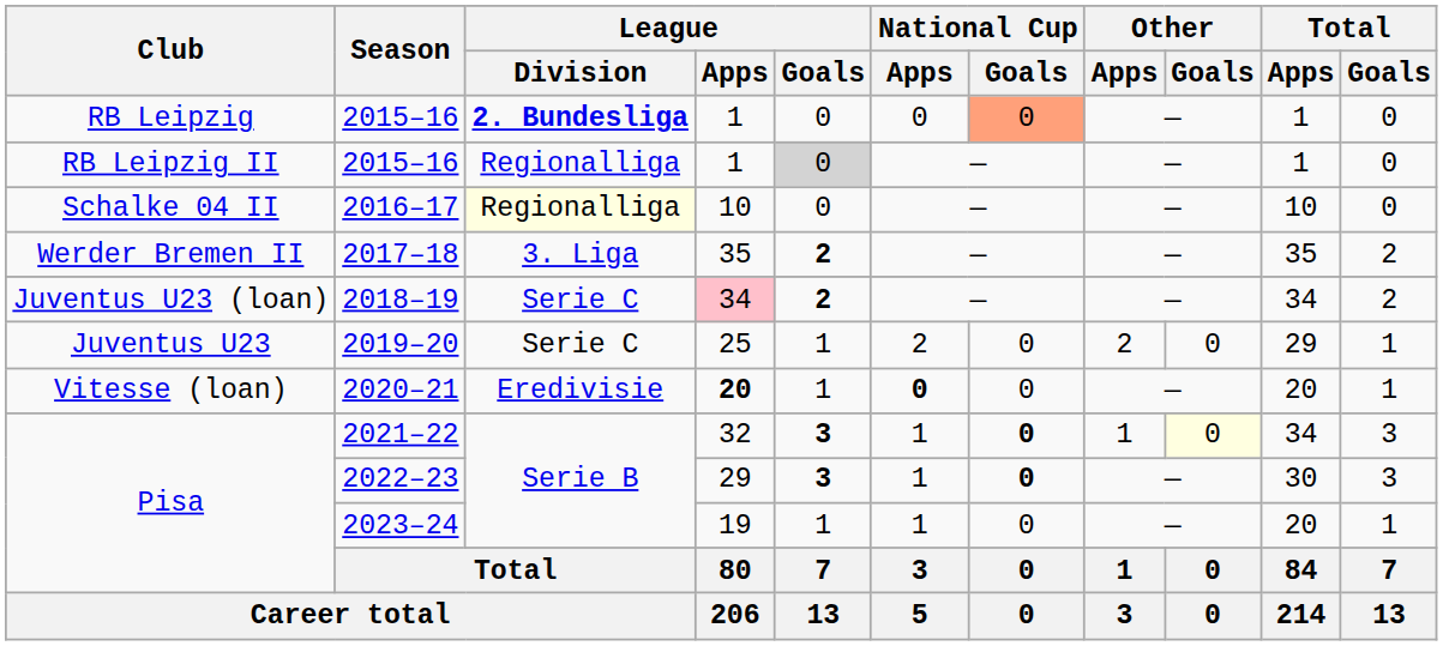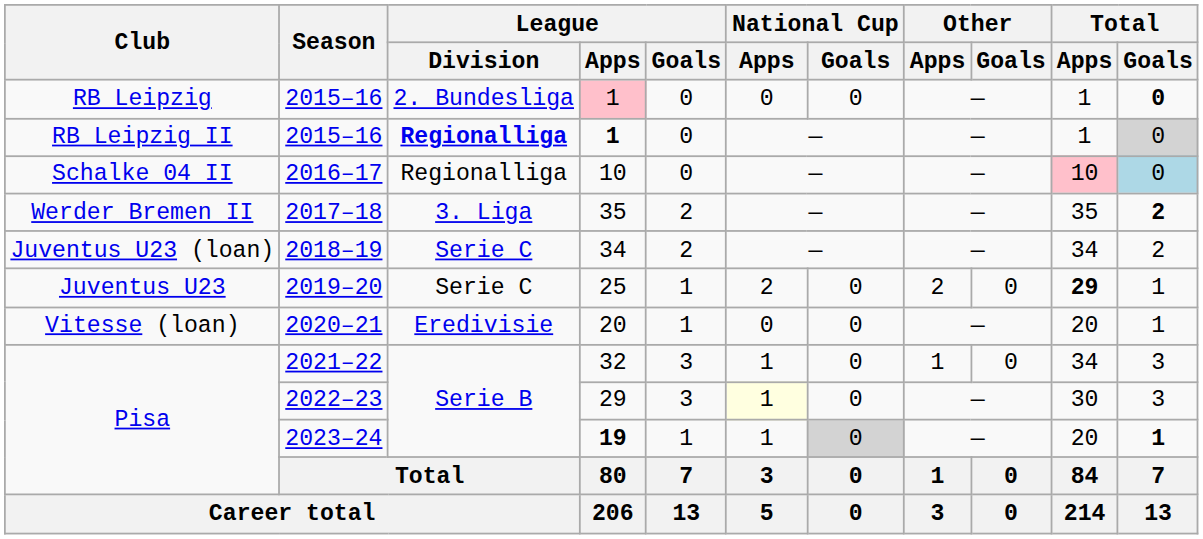 <table class="wikitable" style="text-align: center">
 <tr>
 <th rowspan="2">Club</th>
 <th rowspan="2">Season</th>
 <th colspan="3">League</th>
 <th colspan="2">National Cup</th>
 <th colspan="2">Other</th>
 <th colspan="2">Total</th>
 </tr>
 <tr>
 <th>Division</th>
 <th>Apps</th>
 <th>Goals</th>
 <th>Apps</th>
 <th>Goals</th>
 <th>Apps</th>
 <th>Goals</th>
 <th>Apps</th>
 <th>Goals</th>
 </tr>
 <tr>
 <td><a href='#'>RB Leipzig</a></td>
 <td><a href='#'>2015–16</a></td>
-<td><strong><a href='#'>2. Bundesliga</a></strong></td>
-<td>1</td>
+<td><a href='#'>2. Bundesliga</a></td>
+<td style="background: pink;">1</td>
 <td>0</td>
 <td>0</td>
-<td style="background: lightsalmon;">0</td>
+<td>0</td>
 <td colspan="2">—</td>
 <td>1</td>
-<td>0</td>
+<td><strong>0</strong></td>
 </tr>
 <tr>
 <td><a href='#'>RB Leipzig II</a></td>
 <td><a href='#'>2015–16</a></td>
-<td><a href='#'>Regionalliga</a></td>
-<td>1</td>
-<td style="background: lightgrey;">0</td>
+<td><strong><a href='#'>Regionalliga</a></strong></td>
+<td><strong>1</strong></td>
+<td>0</td>
 <td colspan="2">—</td>
 <td colspan="2">—</td>
 <td>1</td>
-<td>0</td>
+<td style="background: lightgrey;">0</td>
 </tr>
 <tr>
 <td><a href='#'>Schalke 04 II</a></td>
 <td><a href='#'>2016–17</a></td>
-<td style="background: lightyellow;">Regionalliga</td>
+<td>Regionalliga</td>
 <td>10</td>
 <td>0</td>
 <td colspan="2">—</td>
 <td colspan="2">—</td>
-<td>10</td>
-<td>0</td>
+<td style="background: pink;">10</td>
+<td style="background: lightblue;">0</td>
 </tr>
 <tr>
 <td><a href='#'>Werder Bremen II</a></td>
 <td><a href='#'>2017–18</a></td>
 <td><a href='#'>3. Liga</a></td>
 <td>35</td>
-<td><strong>2</strong></td>
+<td>2</td>
 <td colspan="2">—</td>
 <td colspan="2">—</td>
 <td>35</td>
-<td>2</td>
+<td><strong>2</strong></td>
 </tr>
 <tr>
 <td><a href='#'>Juventus U23</a> (loan)</td>
 <td><a href='#'>2018–19</a></td>
 <td><a href='#'>Serie C</a></td>
-<td style="background: pink;">34</td>
-<td><strong>2</strong></td>
+<td>34</td>
+<td>2</td>
 <td colspan="2">—</td>
 <td colspan="2">—</td>
 <td>34</td>
 <td>2</td>
 </tr>
 <tr>
 <td><a href='#'>Juventus U23</a></td>
 <td><a href='#'>2019–20</a></td>
 <td>Serie C</td>
 <td>25</td>
 <td>1</td>
 <td>2</td>
 <td>0</td>
 <td>2</td>
 <td>0</td>
-<td>29</td>
+<td><strong>29</strong></td>
 <td>1</td>
 </tr>
 <tr>
 <td><a href='#'>Vitesse</a> (loan)</td>
 <td><a href='#'>2020–21</a></td>
 <td><a href='#'>Eredivisie</a></td>
-<td><strong>20</strong></td>
+<td>20</td>
 <td>1</td>
-<td><strong>0</strong></td>
+<td>0</td>
 <td>0</td>
 <td colspan="2">—</td>
 <td>20</td>
 <td>1</td>
 </tr>
 <tr>
 <td rowspan="4"><a href='#'>Pisa</a></td>
 <td><a href='#'>2021–22</a></td>
 <td rowspan="3"><a href='#'>Serie B</a></td>
 <td>32</td>
-<td><strong>3</strong></td>
+<td>3</td>
 <td>1</td>
-<td><strong>0</strong></td>
+<td>0</td>
 <td>1</td>
-<td style="background: lightyellow;">0</td>
+<td>0</td>
 <td>34</td>
 <td>3</td>
 </tr>
 <tr>
 <td><a href='#'>2022–23</a></td>
 <td>29</td>
-<td><strong>3</strong></td>
-<td>1</td>
-<td><strong>0</strong></td>
+<td>3</td>
+<td style="background: lightyellow;">1</td>
+<td>0</td>
 <td colspan="2">—</td>
 <td>30</td>
 <td>3</td>
 </tr>
 <tr>
 <td><a href='#'>2023–24</a></td>
-<td>19</td>
+<td><strong>19</strong></td>
 <td>1</td>
 <td>1</td>
-<td>0</td>
+<td style="background: lightgrey;">0</td>
 <td colspan="2">—</td>
 <td>20</td>
-<td>1</td>
+<td><strong>1</strong></td>
 </tr>
 <tr>
 <th colspan="2">Total</th>
 <th>80</th>
 <th>7</th>
 <th>3</th>
 <th>0</th>
 <th>1</th>
 <th>0</th>
 <th>84</th>
 <th>7</th>
 </tr>
 <tr>
 <th colspan="3">Career total</th>
 <th>206</th>
 <th>13</th>
 <th>5</th>
 <th>0</th>
 <th>3</th>
 <th>0</th>
 <th>214</th>
 <th>13</th>
 </tr>
 </table>
